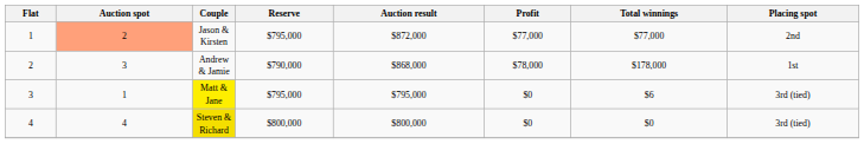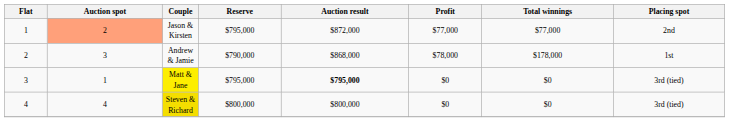 <table class="wikitable" style="text-align: center; font-size: 9pt; line-height:16px; width:70%" |>
 <tr>
 <th>Flat</th>
 <th>Auction spot</th>
 <th>Couple</th>
 <th>Reserve</th>
 <th>Auction result</th>
 <th>Profit</th>
 <th>Total winnings</th>
 <th>Placing spot</th>
 </tr>
 <tr>
 <td>1</td>
 <td style="background: lightsalmon; text-align:center">2</td>
 <td style="width:5%;" scope="col" style="background:#00BFFF; color:black;">Jason & Kirsten</td>
 <td style="text-align:center">$795,000</td>
 <td style="text-align:center">$872,000</td>
 <td style="text-align:center">$77,000</td>
 <td style="text-align:center">$77,000</td>
 <td style="text-align:center">2nd</td>
 </tr>
 <tr>
 <td>2</td>
 <td style="text-align:center">3</td>
 <td style="width:5%;" scope="col" style="background:skyblue; background-color:skyblue">Andrew & Jamie</td>
 <td style="text-align:center">$790,000</td>
 <td style="text-align:center">$868,000</td>
 <td style="text-align:center">$78,000</td>
 <td style="text-align:center">$178,000</td>
 <td style="text-align:center">1st</td>
 </tr>
 <tr>
 <td>3</td>
 <td style="text-align:center">1</td>
 <td style="background-color:#FDEE00;">Matt & Jane</td>
 <td style="text-align:center">$795,000</td>
-<td style="text-align:center">$795,000</td>
+<td style="text-align:center"><strong>$795,000</strong></td>
 <td style="text-align:center">$0</td>
-<td style="text-align:center">$6</td>
+<td style="text-align:center">$0</td>
 <td style="text-align:center">3rd (tied)</td>
 </tr>
 <tr>
 <td>4</td>
 <td style="text-align:center">4</td>
 <td style='background:#f4de00;'>Steven & Richard</td>
 <td style="text-align:center">$800,000</td>
 <td style="text-align:center">$800,000</td>
 <td style="text-align:center">$0</td>
 <td style="text-align:center">$0</td>
 <td style="text-align:center">3rd (tied)</td>
 </tr>
 <tr>
 </tr>
 </table>
